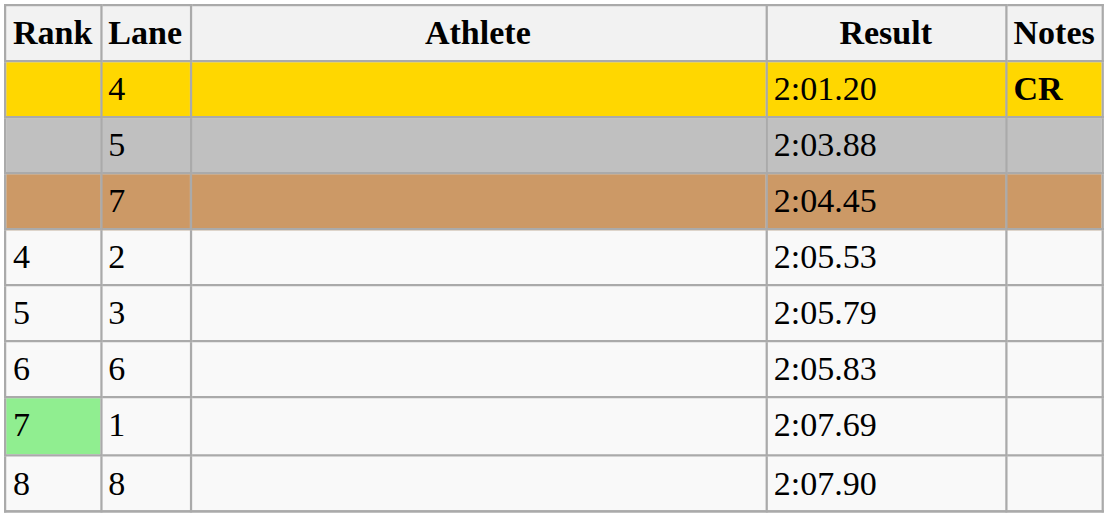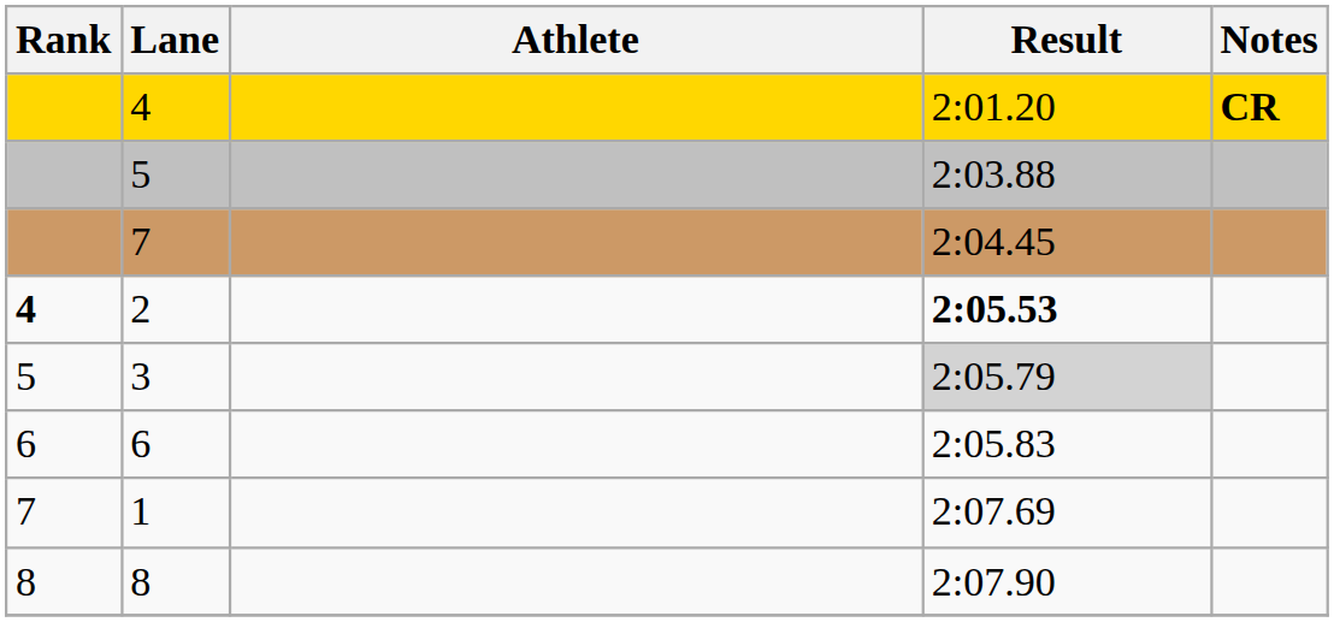 <table class="wikitable" style="font-size:95%" style="width:35em;" style="text-align:center">
 <tr>
 <th>Rank</th>
 <th>Lane</th>
 <th width=250>Athlete</th>
 <th width=100>Result</th>
 <th>Notes</th>
 </tr>
 <tr bgcolor=gold>
 <td></td>
 <td>4</td>
 <td align=left></td>
 <td>2:01.20</td>
 <td><strong>CR</strong></td>
 </tr>
 <tr bgcolor=silver>
 <td></td>
 <td>5</td>
 <td align=left></td>
 <td>2:03.88</td>
 <td></td>
 </tr>
 <tr bgcolor=cc9966>
 <td></td>
 <td>7</td>
 <td align=left></td>
 <td>2:04.45</td>
 <td></td>
 </tr>
 <tr>
-<td>4</td>
+<td><strong>4</strong></td>
 <td>2</td>
 <td align=left></td>
-<td>2:05.53</td>
+<td><strong>2:05.53</strong></td>
 <td></td>
 </tr>
 <tr>
 <td>5</td>
 <td>3</td>
 <td align=left></td>
-<td>2:05.79</td>
+<td style="background: lightgrey;">2:05.79</td>
 <td></td>
 </tr>
 <tr>
 <td>6</td>
 <td>6</td>
 <td align=left></td>
 <td>2:05.83</td>
 <td></td>
 </tr>
 <tr>
-<td style="background: lightgreen;">7</td>
+<td>7</td>
 <td>1</td>
 <td align=left></td>
 <td>2:07.69</td>
 <td></td>
 </tr>
 <tr>
 <td>8</td>
 <td>8</td>
 <td align=left></td>
 <td>2:07.90</td>
 <td></td>
 </tr>
 <tr>
 </tr>
 </table>
